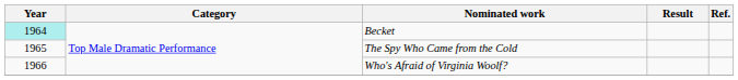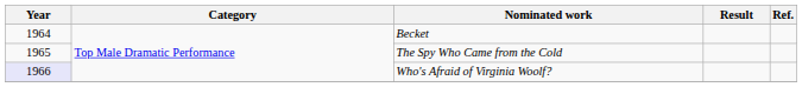 <table class=wikitable>
 <tr>
 <th scope="col" style="width:5em;">Year</th>
 <th scope="col" style="width:26em;">Category</th>
 <th scope="col" style="width:25em;">Nominated work</th>
 <th scope="col" style="width:5em;">Result</th>
 <th>Ref.</th>
 </tr>
 <tr>
-<td style="background: paleturquoise; text-align:center;">1964</td>
+<td style="text-align:center;">1964</td>
 <td rowspan=3><a href='#'>Top Male Dramatic Performance</a></td>
 <td><em>Becket</em></td>
 <td></td>
 <td></td>
 </tr>
 <tr>
 <td style="text-align:center;">1965</td>
 <td><em>The Spy Who Came from the Cold</em></td>
 <td></td>
 <td></td>
 </tr>
 <tr>
-<td style="text-align:center;">1966</td>
+<td style="background: lavender; text-align:center;">1966</td>
 <td><em>Who's Afraid of Virginia Woolf?</em></td>
 <td></td>
 <td></td>
 </tr>
 <tr>
 </tr>
 </table>
